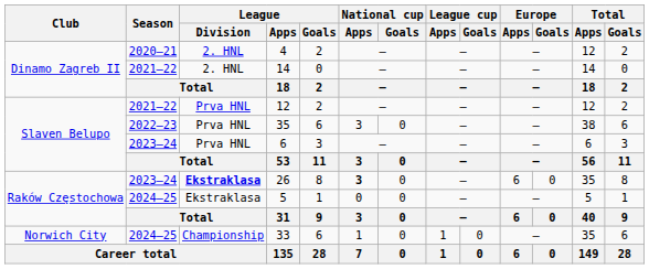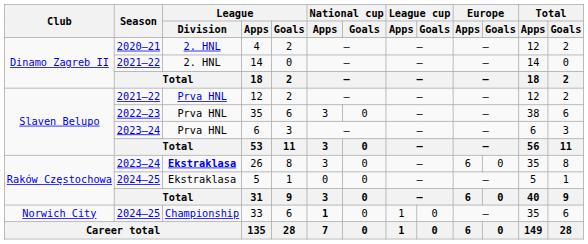 <table class="wikitable" style="text-align:center">
 <tr>
 <th rowspan="2">Club</th>
 <th rowspan="2">Season</th>
 <th colspan="3">League</th>
 <th colspan="2">National cup</th>
 <th colspan="2">League cup</th>
 <th colspan="2">Europe</th>
 <th colspan="2">Total</th>
 </tr>
 <tr>
 <th>Division</th>
 <th>Apps</th>
 <th>Goals</th>
 <th>Apps</th>
 <th>Goals</th>
 <th>Apps</th>
 <th>Goals</th>
 <th>Apps</th>
 <th>Goals</th>
 <th>Apps</th>
 <th>Goals</th>
 </tr>
 <tr>
 <td rowspan="3"><a href='#'>Dinamo Zagreb II</a></td>
 <td><a href='#'>2020–21</a></td>
 <td><a href='#'>2. HNL</a></td>
 <td>4</td>
 <td>2</td>
 <td colspan="2">—</td>
 <td colspan="2">—</td>
 <td colspan="2">—</td>
 <td>12</td>
 <td>2</td>
 </tr>
 <tr>
 <td><a href='#'>2021–22</a></td>
 <td>2. HNL</td>
 <td>14</td>
 <td>0</td>
 <td colspan="2">—</td>
 <td colspan="2">—</td>
 <td colspan="2">—</td>
 <td>14</td>
 <td>0</td>
 </tr>
 <tr>
 <th colspan="2">Total</th>
 <th>18</th>
 <th>2</th>
 <th colspan="2">—</th>
 <th colspan="2">—</th>
 <th colspan="2">—</th>
 <th>18</th>
 <th>2</th>
 </tr>
 <tr>
 <td rowspan="4"><a href='#'>Slaven Belupo</a></td>
 <td><a href='#'>2021–22</a></td>
 <td><a href='#'>Prva HNL</a></td>
 <td>12</td>
 <td>2</td>
 <td colspan="2">—</td>
 <td colspan="2">—</td>
 <td colspan="2">—</td>
 <td>12</td>
 <td>2</td>
 </tr>
 <tr>
 <td><a href='#'>2022–23</a></td>
 <td>Prva HNL</td>
 <td>35</td>
 <td>6</td>
 <td>3</td>
 <td>0</td>
 <td colspan="2">—</td>
 <td colspan="2">—</td>
 <td>38</td>
 <td>6</td>
 </tr>
 <tr>
 <td><a href='#'>2023–24</a></td>
 <td>Prva HNL</td>
 <td>6</td>
 <td>3</td>
 <td colspan="2">—</td>
 <td colspan="2">—</td>
 <td colspan="2">—</td>
 <td>6</td>
 <td>3</td>
 </tr>
 <tr>
 <th colspan="2">Total</th>
 <th>53</th>
 <th>11</th>
 <th>3</th>
 <th>0</th>
 <th colspan="2">—</th>
 <th colspan="2">—</th>
 <th>56</th>
 <th>11</th>
 </tr>
 <tr>
 <td rowspan="3"><a href='#'>Raków Częstochowa</a></td>
 <td><a href='#'>2023–24</a></td>
 <td><strong><a href='#'>Ekstraklasa</a></strong></td>
 <td>26</td>
 <td>8</td>
-<td><strong>3</strong></td>
+<td>3</td>
 <td>0</td>
 <td colspan="2">—</td>
 <td>6</td>
 <td>0</td>
 <td>35</td>
 <td>8</td>
 </tr>
 <tr>
 <td><a href='#'>2024–25</a></td>
 <td>Ekstraklasa</td>
 <td>5</td>
 <td>1</td>
 <td>0</td>
 <td>0</td>
 <td colspan="2">—</td>
 <td colspan="2">—</td>
 <td>5</td>
 <td>1</td>
 </tr>
 <tr>
 <th colspan="2">Total</th>
 <th>31</th>
 <th>9</th>
 <th>3</th>
 <th>0</th>
 <th colspan="2">—</th>
 <th>6</th>
 <th>0</th>
 <th>40</th>
 <th>9</th>
 </tr>
 <tr>
 <td><a href='#'>Norwich City</a></td>
 <td><a href='#'>2024–25</a></td>
 <td><a href='#'>Championship</a></td>
 <td>33</td>
 <td>6</td>
-<td>1</td>
+<td><strong>1</strong></td>
 <td>0</td>
 <td>1</td>
 <td>0</td>
 <td colspan="2">—</td>
 <td>35</td>
 <td>6</td>
 </tr>
 <tr>
 <th colspan="3">Career total</th>
 <th>135</th>
 <th>28</th>
 <th>7</th>
 <th>0</th>
 <th>1</th>
 <th>0</th>
 <th>6</th>
 <th>0</th>
 <th>149</th>
 <th>28</th>
 </tr>
 </table>
